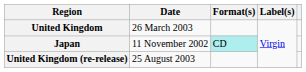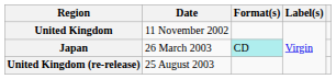 <table class="wikitable plainrowheaders">
 <tr>
 <th scope="col">Region</th>
 <th scope="col">Date</th>
 <th scope="col">Format(s)</th>
 <th scope="col">Label(s)</th>
 <th scope="col"></th>
 </tr>
 <tr>
 <th scope="row">United Kingdom</th>
-<td>26 March 2003</td>
+<td>11 November 2002</td>
 <td></td>
 <td rowspan="3"><a href='#'>Virgin</a></td>
 <td></td>
 </tr>
 <tr>
 <th scope="row">Japan</th>
-<td>11 November 2002</td>
+<td>26 March 2003</td>
 <td style="background: paleturquoise;">CD</td>
 <td></td>
 </tr>
 <tr>
 <th scope="row">United Kingdom (re-release)</th>
 <td>25 August 2003</td>
 <td></td>
 <td></td>
 </tr>
 </table>
